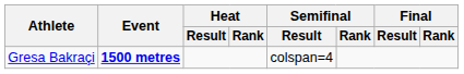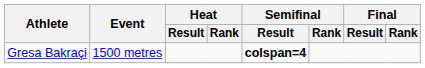 <table class="wikitable" style="font-size:90%">
 <tr>
 <th rowspan="2">Athlete</th>
 <th rowspan="2">Event</th>
 <th colspan="2">Heat</th>
 <th colspan="2">Semifinal</th>
 <th colspan="2">Final</th>
 </tr>
 <tr style="font-size:95%">
 <th>Result</th>
 <th>Rank</th>
 <th>Result</th>
 <th>Rank</th>
 <th>Result</th>
 <th>Rank</th>
 </tr>
 <tr align=center>
 <td align=left><a href='#'>Gresa Bakraçi</a></td>
-<td align=left><strong><a href='#'>1500 metres</a></strong></td>
+<td align=left><a href='#'>1500 metres</a></td>
 <td colspan=2></td>
-<td>colspan=4 </td>
+<td><strong>colspan=4 </strong></td>
 </tr>
 </table>
